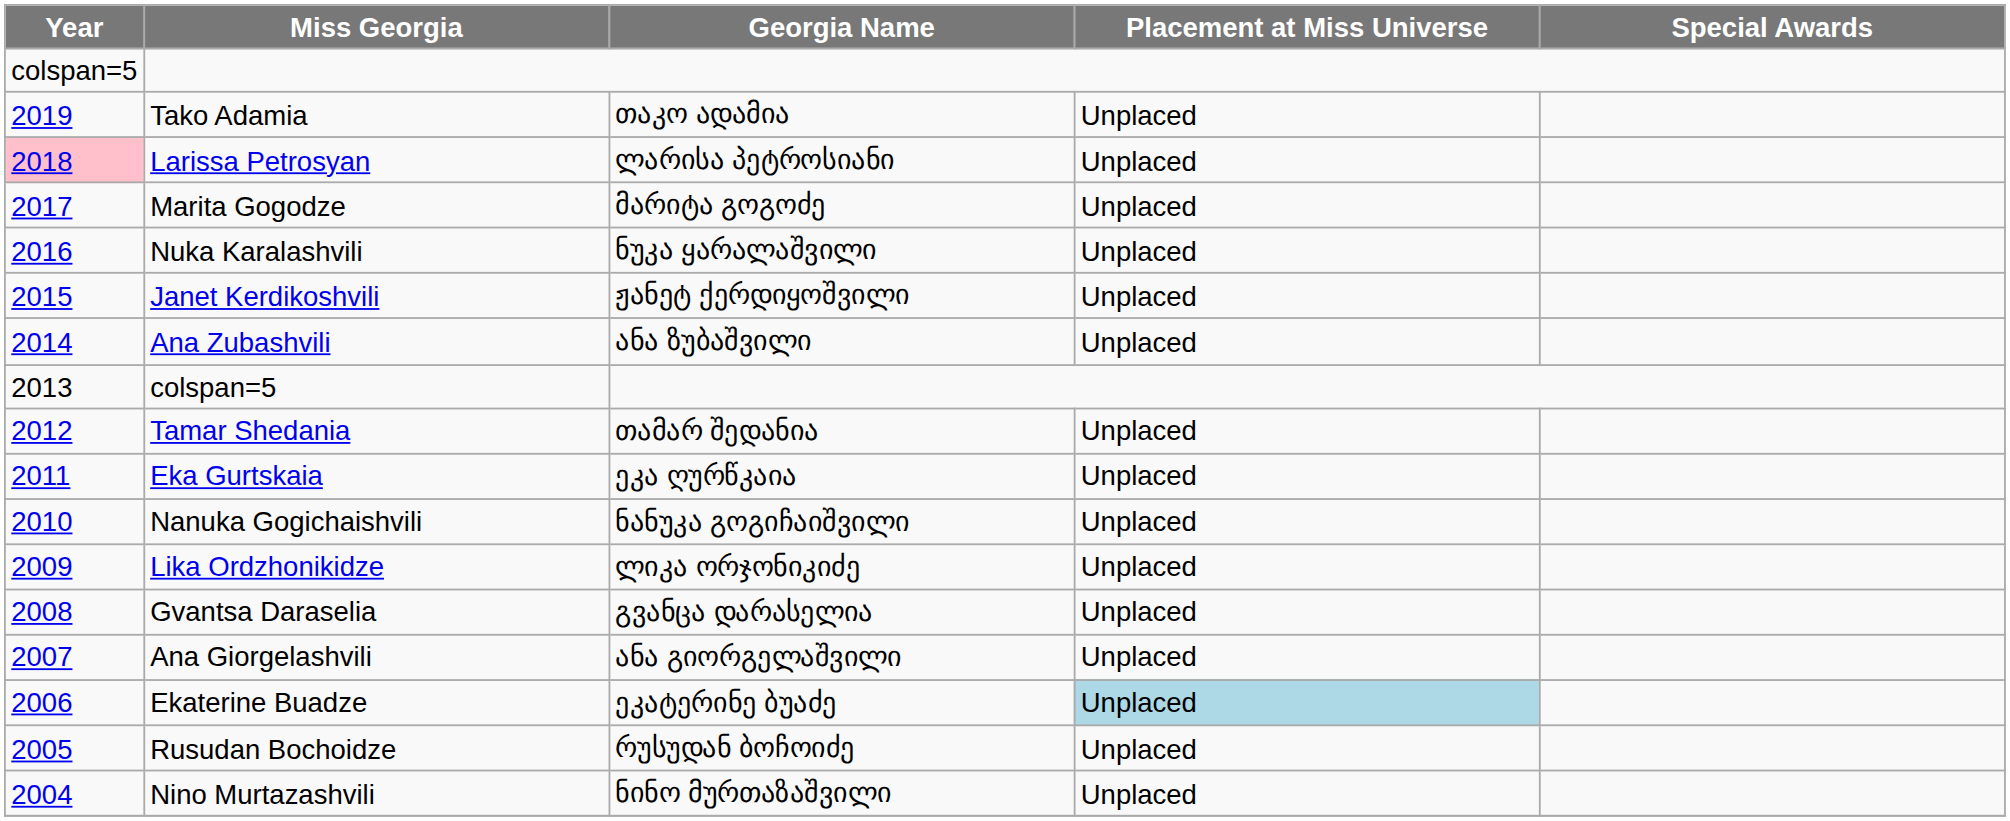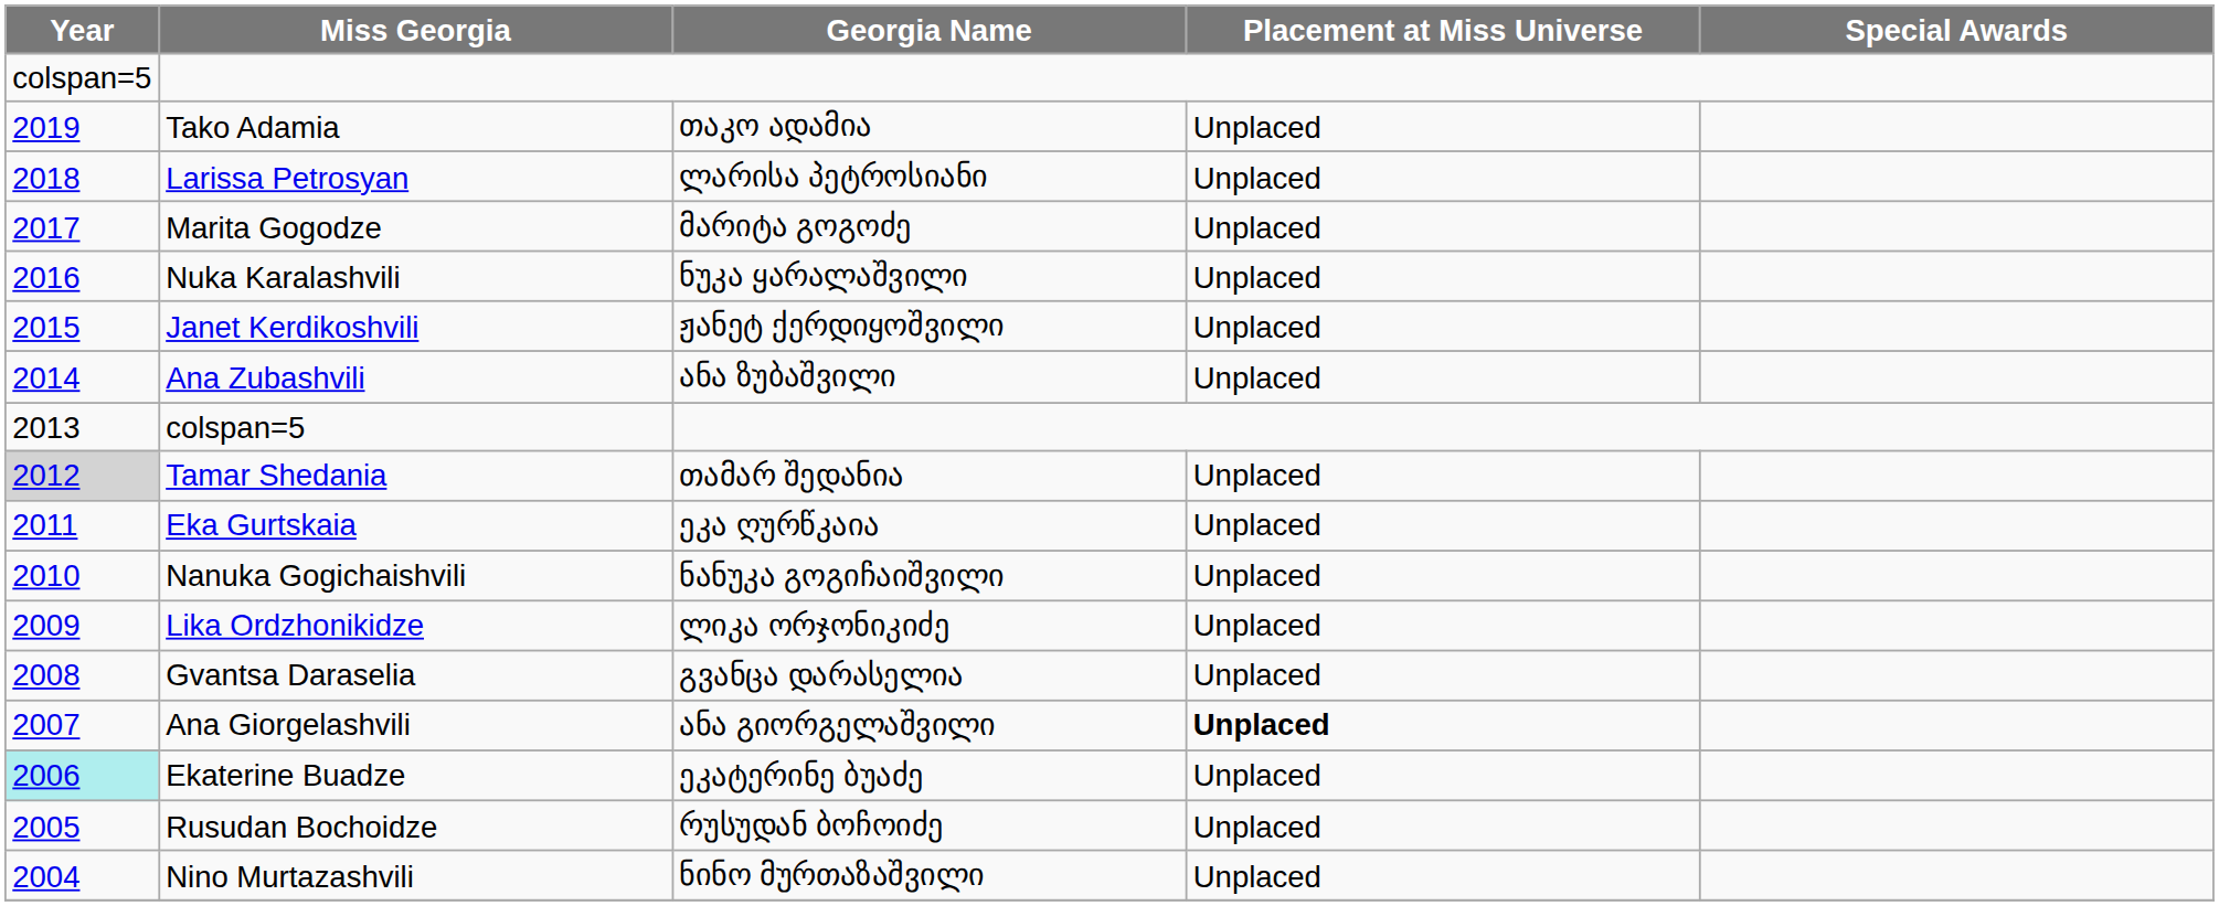 <table class="wikitable " style="font-size: 95%;">
 <tr>
 <th width="60" style="background-color:#787878;color:#FFFFFF;">Year</th>
 <th width="250" style="background-color:#787878;color:#FFFFFF;">Miss Georgia</th>
 <th width="250" style="background-color:#787878;color:#FFFFFF;">Georgia Name</th>
 <th width="250" style="background-color:#787878;color:#FFFFFF;">Placement at Miss Universe</th>
 <th width="250" style="background-color:#787878;color:#FFFFFF;">Special Awards</th>
 </tr>
 <tr>
 <td>colspan=5 </td>
 </tr>
 <tr>
 <td><a href='#'>2019</a></td>
 <td>Tako Adamia</td>
 <td>თაკო ადამია</td>
 <td>Unplaced</td>
 <td></td>
 </tr>
 <tr>
-<td style="background: pink;"><a href='#'>2018</a></td>
+<td><a href='#'>2018</a></td>
 <td><a href='#'>Larissa Petrosyan</a></td>
 <td>ლარისა პეტროსიანი</td>
 <td>Unplaced</td>
 <td></td>
 </tr>
 <tr>
 <td><a href='#'>2017</a></td>
 <td>Marita Gogodze</td>
 <td>მარიტა გოგოძე</td>
 <td>Unplaced</td>
 <td></td>
 </tr>
 <tr>
 <td><a href='#'>2016</a></td>
 <td>Nuka Karalashvili</td>
 <td>ნუკა ყარალაშვილი</td>
 <td>Unplaced</td>
 <td></td>
 </tr>
 <tr>
 <td><a href='#'>2015</a></td>
 <td><a href='#'>Janet Kerdikoshvili</a></td>
 <td>ჟანეტ ქერდიყოშვილი</td>
 <td>Unplaced</td>
 <td></td>
 </tr>
 <tr>
 <td><a href='#'>2014</a></td>
 <td><a href='#'>Ana Zubashvili</a></td>
 <td>ანა ზუბაშვილი</td>
 <td>Unplaced</td>
 <td></td>
 </tr>
 <tr>
 <td>2013</td>
 <td>colspan=5 </td>
 </tr>
 <tr>
-<td><a href='#'>2012</a></td>
+<td style="background: lightgrey;"><a href='#'>2012</a></td>
 <td><a href='#'>Tamar Shedania</a></td>
 <td>თამარ შედანია</td>
 <td>Unplaced</td>
 <td></td>
 </tr>
 <tr>
 <td><a href='#'>2011</a></td>
 <td><a href='#'>Eka Gurtskaia</a></td>
 <td>ეკა ღურწკაია</td>
 <td>Unplaced</td>
 <td></td>
 </tr>
 <tr>
 <td><a href='#'>2010</a></td>
 <td>Nanuka Gogichaishvili</td>
 <td>ნანუკა გოგიჩაიშვილი</td>
 <td>Unplaced</td>
 <td></td>
 </tr>
 <tr>
 <td><a href='#'>2009</a></td>
 <td><a href='#'>Lika Ordzhonikidze</a></td>
 <td>ლიკა ორჯონიკიძე</td>
 <td>Unplaced</td>
 <td></td>
 </tr>
 <tr>
 <td><a href='#'>2008</a></td>
 <td>Gvantsa Daraselia</td>
 <td>გვანცა დარასელია</td>
 <td>Unplaced</td>
 <td></td>
 </tr>
 <tr>
 <td><a href='#'>2007</a></td>
 <td>Ana Giorgelashvili</td>
 <td>ანა გიორგელაშვილი</td>
-<td>Unplaced</td>
+<td><strong>Unplaced</strong></td>
 <td></td>
 </tr>
 <tr>
-<td><a href='#'>2006</a></td>
+<td style="background: paleturquoise;"><a href='#'>2006</a></td>
 <td>Ekaterine Buadze</td>
 <td>ეკატერინე ბუაძე</td>
-<td style="background: lightblue;">Unplaced</td>
+<td>Unplaced</td>
 <td></td>
 </tr>
 <tr>
 <td><a href='#'>2005</a></td>
 <td>Rusudan Bochoidze</td>
 <td>რუსუდან ბოჩოიძე</td>
 <td>Unplaced</td>
 <td></td>
 </tr>
 <tr>
 <td><a href='#'>2004</a></td>
 <td>Nino Murtazashvili</td>
 <td>ნინო მურთაზაშვილი</td>
 <td>Unplaced</td>
 <td></td>
 </tr>
 <tr>
 </tr>
 </table>
